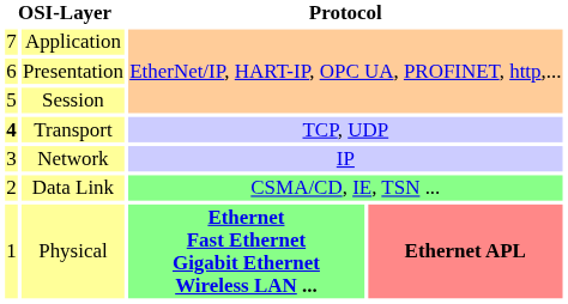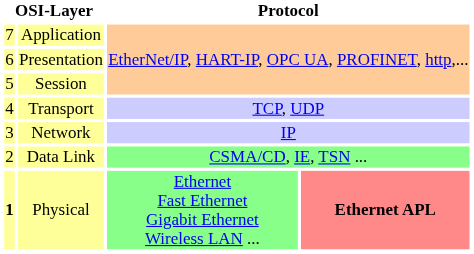 <table border="0" cellspacing="3" style="text-align:center;">
 <tr>
 <th colspan="2">OSI-Layer</th>
 <th colspan="4">Protocol</th>
 </tr>
 <tr>
 <td bgcolor="#ffff99">7</td>
 <td rowspan="1" bgcolor="#ffff99">Application</td>
 <td rowspan="3" colspan="2" bgcolor="#ffcc99"><a href='#'>EtherNet/IP</a>, <a href='#'>HART-IP</a>, <a href='#'>OPC UA</a>, <a href='#'>PROFINET</a>, <a href='#'>http</a>,...</td>
 </tr>
 <tr>
 <td bgcolor="#ffff99">6</td>
 <td rowspan="1" bgcolor="#ffff99">Presentation</td>
 </tr>
 <tr>
 <td bgcolor="#ffff99">5</td>
 <td rowspan="1" bgcolor="#ffff99">Session</td>
 </tr>
 <tr>
-<td bgcolor="#ffff99"><strong>4</strong></td>
+<td bgcolor="#ffff99">4</td>
 <td bgcolor="#ffff99">Transport</td>
 <td colspan="2" bgcolor="#ccccff"><a href='#'>TCP</a>, <a href='#'>UDP</a></td>
 </tr>
 <tr>
 <td bgcolor="#ffff99">3</td>
 <td bgcolor="#ffff99">Network</td>
 <td colspan="2" bgcolor="#ccccff"><a href='#'>IP</a></td>
 </tr>
 <tr>
 <td bgcolor="#ffff99">2</td>
 <td bgcolor="#ffff99">Data Link</td>
 <td colspan="2" bgcolor="#88ff88"><a href='#'>CSMA/CD</a>, <a href='#'>IE</a>, <a href='#'>TSN</a> ...</td>
 </tr>
 <tr>
-<td bgcolor="#ffff99">1</td>
+<td bgcolor="#ffff99"><strong>1</strong></td>
 <td bgcolor="#ffff99">Physical</td>
-<td colspan="1" bgcolor="#88ff88"><strong><a href='#'>Ethernet</a><br><a href='#'>Fast Ethernet</a><br><a href='#'>Gigabit Ethernet</a><br><a href='#'>Wireless LAN</a> ...</strong></td>
+<td colspan="1" bgcolor="#88ff88"><a href='#'>Ethernet</a><br><a href='#'>Fast Ethernet</a><br><a href='#'>Gigabit Ethernet</a><br><a href='#'>Wireless LAN</a> ...</td>
 <td colspan="1" bgcolor="#ff8888"><strong>Ethernet APL</strong></td>
 </tr>
 </table>
